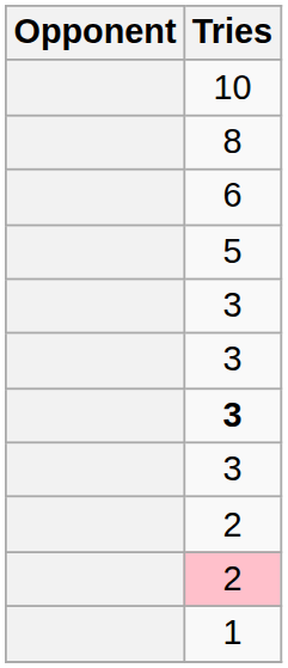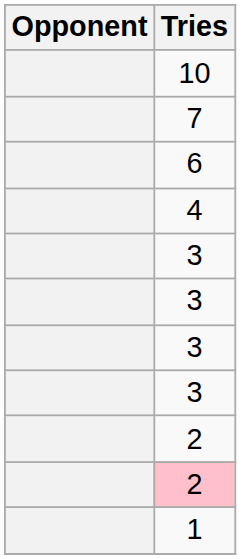 <table class="wikitable plainrowheaders sortable" style="text-align:center">
 <tr>
 <th scope="col">Opponent</th>
 <th scope="col">Tries</th>
 </tr>
 <tr>
 <th scope="row"></th>
 <td>10</td>
 </tr>
 <tr>
 <th scope="row"></th>
-<td>8</td>
+<td>7</td>
 </tr>
 <tr>
 <th scope="row"></th>
 <td>6</td>
 </tr>
 <tr>
 <th scope="row"></th>
-<td>5</td>
+<td>4</td>
 </tr>
 <tr>
 <th scope="row"></th>
 <td>3</td>
 </tr>
 <tr>
 <th scope="row"></th>
 <td>3</td>
 </tr>
 <tr>
 <th scope="row"></th>
-<td><strong>3</strong></td>
+<td>3</td>
 </tr>
 <tr>
 <th scope="row"></th>
 <td>3</td>
 </tr>
 <tr>
 <th scope="row"></th>
 <td>2</td>
 </tr>
 <tr>
 <th scope="row"></th>
 <td style="background: pink;">2</td>
 </tr>
 <tr>
 <th scope="row"></th>
 <td>1</td>
 </tr>
 <tr>
 </tr>
 </table>
